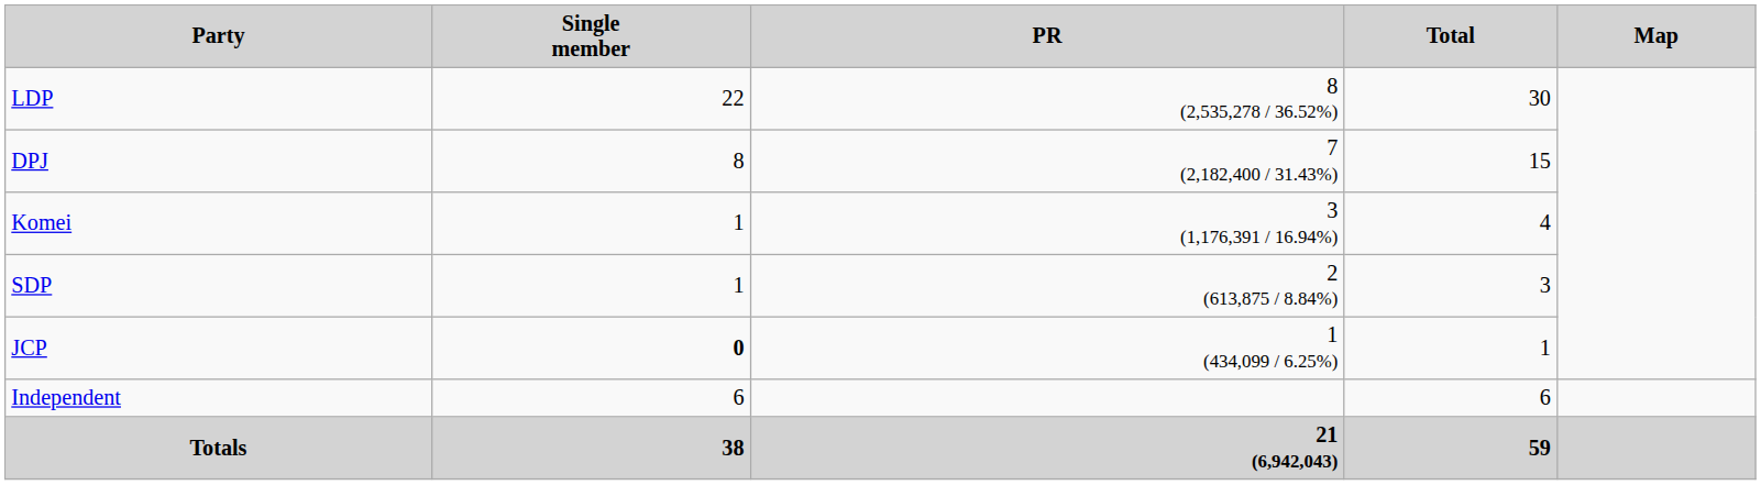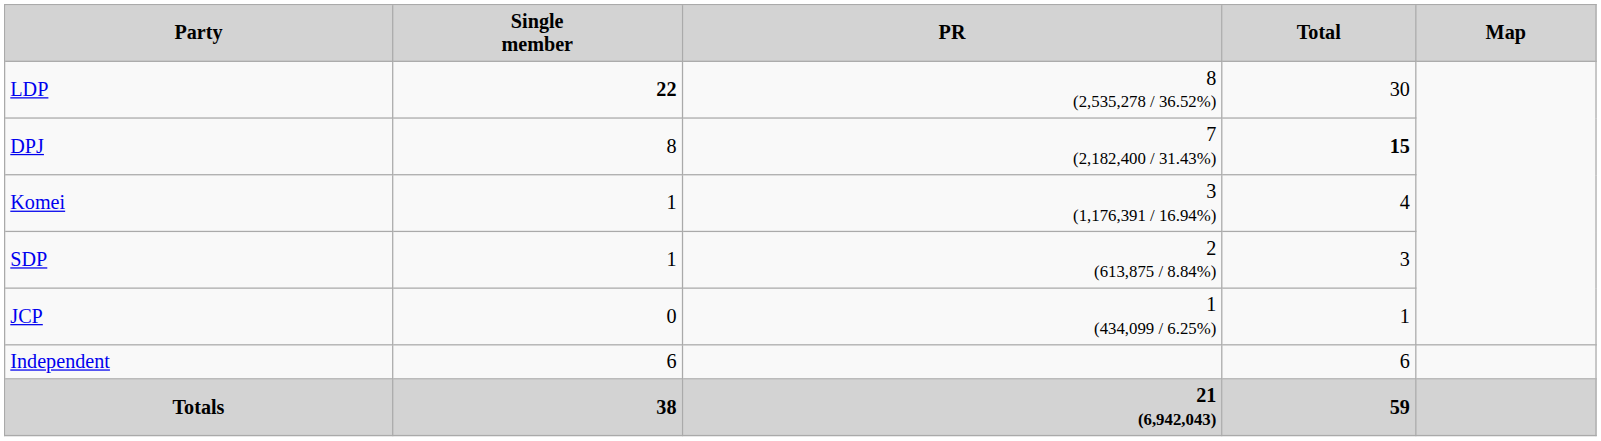 <table border="2" cellpadding="4" cellspacing="0" style="width:100%; margin:1em 1em 1em 0; background:#f9f9f9; border:1px #aaa solid; border-collapse:collapse;">
 <tr style="background:lightgrey;">
 <th>Party</th>
 <th>Single<br>member</th>
 <th>PR</th>
 <th>Total</th>
 <th>Map</th>
 </tr>
 <tr>
 <td><a href='#'>LDP</a></td>
-<td style="text-align:right;">22</td>
+<td style="text-align:right;"><strong>22</strong></td>
 <td style="text-align:right;">8<br><small>(2,535,278 / 36.52%)</small></td>
 <td style="text-align:right;">30</td>
 <td rowspan=5></td>
 </tr>
 <tr>
 <td><a href='#'>DPJ</a></td>
 <td style="text-align:right;">8</td>
 <td style="text-align:right;">7<br><small>(2,182,400 / 31.43%)</small></td>
-<td style="text-align:right;">15</td>
+<td style="text-align:right;"><strong>15</strong></td>
 </tr>
 <tr>
 <td><a href='#'>Komei</a></td>
 <td style="text-align:right;">1</td>
 <td style="text-align:right;">3<br><small>(1,176,391 / 16.94%)</small></td>
 <td style="text-align:right;">4</td>
 </tr>
 <tr>
 <td><a href='#'>SDP</a></td>
 <td style="text-align:right;">1</td>
 <td style="text-align:right;">2<br><small>(613,875	/ 8.84%)</small></td>
 <td style="text-align:right;">3</td>
 </tr>
 <tr>
 <td><a href='#'>JCP</a></td>
-<td style="text-align:right;"><strong>0</strong></td>
+<td style="text-align:right;">0</td>
 <td style="text-align:right;">1<br><small>(434,099	/ 6.25%)</small></td>
 <td style="text-align:right;">1</td>
 </tr>
 <tr>
 <td><a href='#'>Independent</a></td>
 <td style="text-align:right;">6</td>
 <td style="text-align:right;"></td>
 <td style="text-align:right;">6</td>
 </tr>
 <tr style="background:lightgrey;">
 <th><strong>Totals</strong></th>
 <th style="text-align:right;">38</th>
 <th style="text-align:right;">21<br><small>(6,942,043)</small></th>
 <th style="text-align:right;">59</th>
 <th></th>
 </tr>
 </table>
